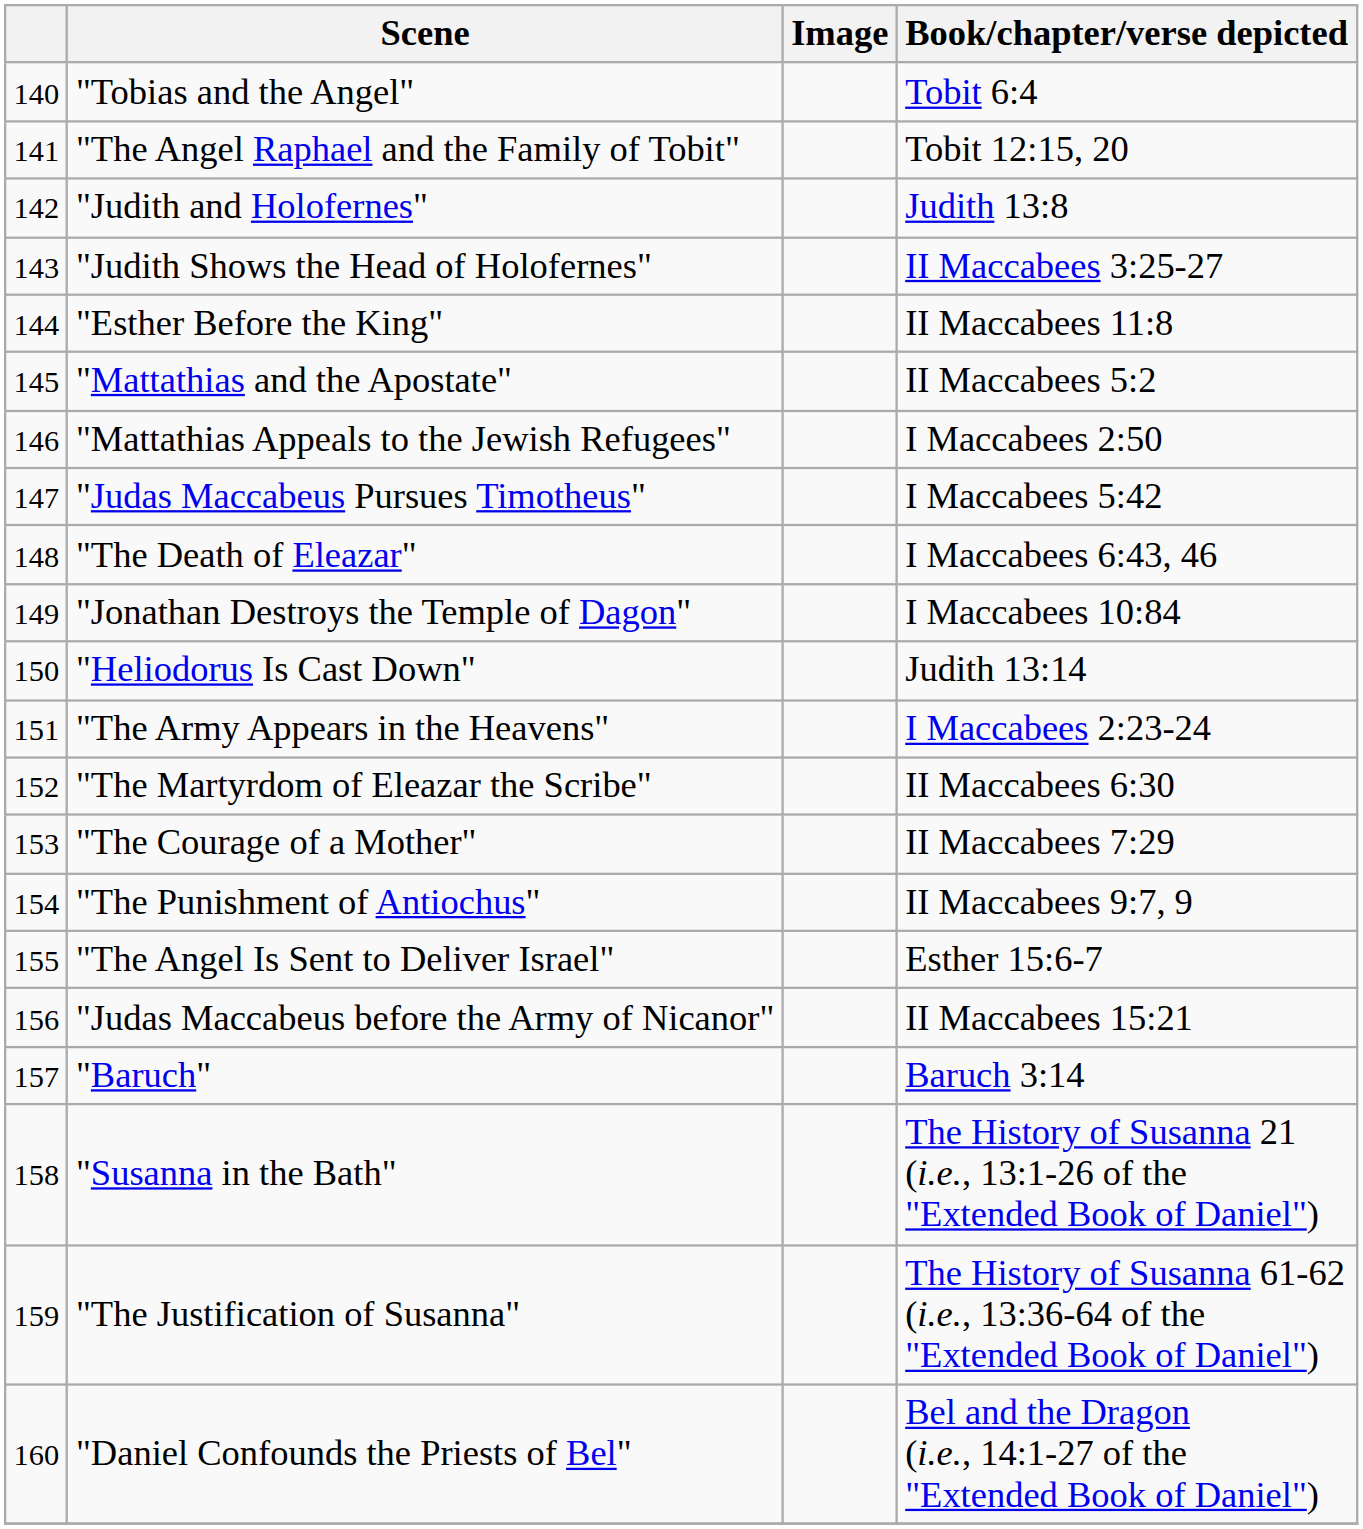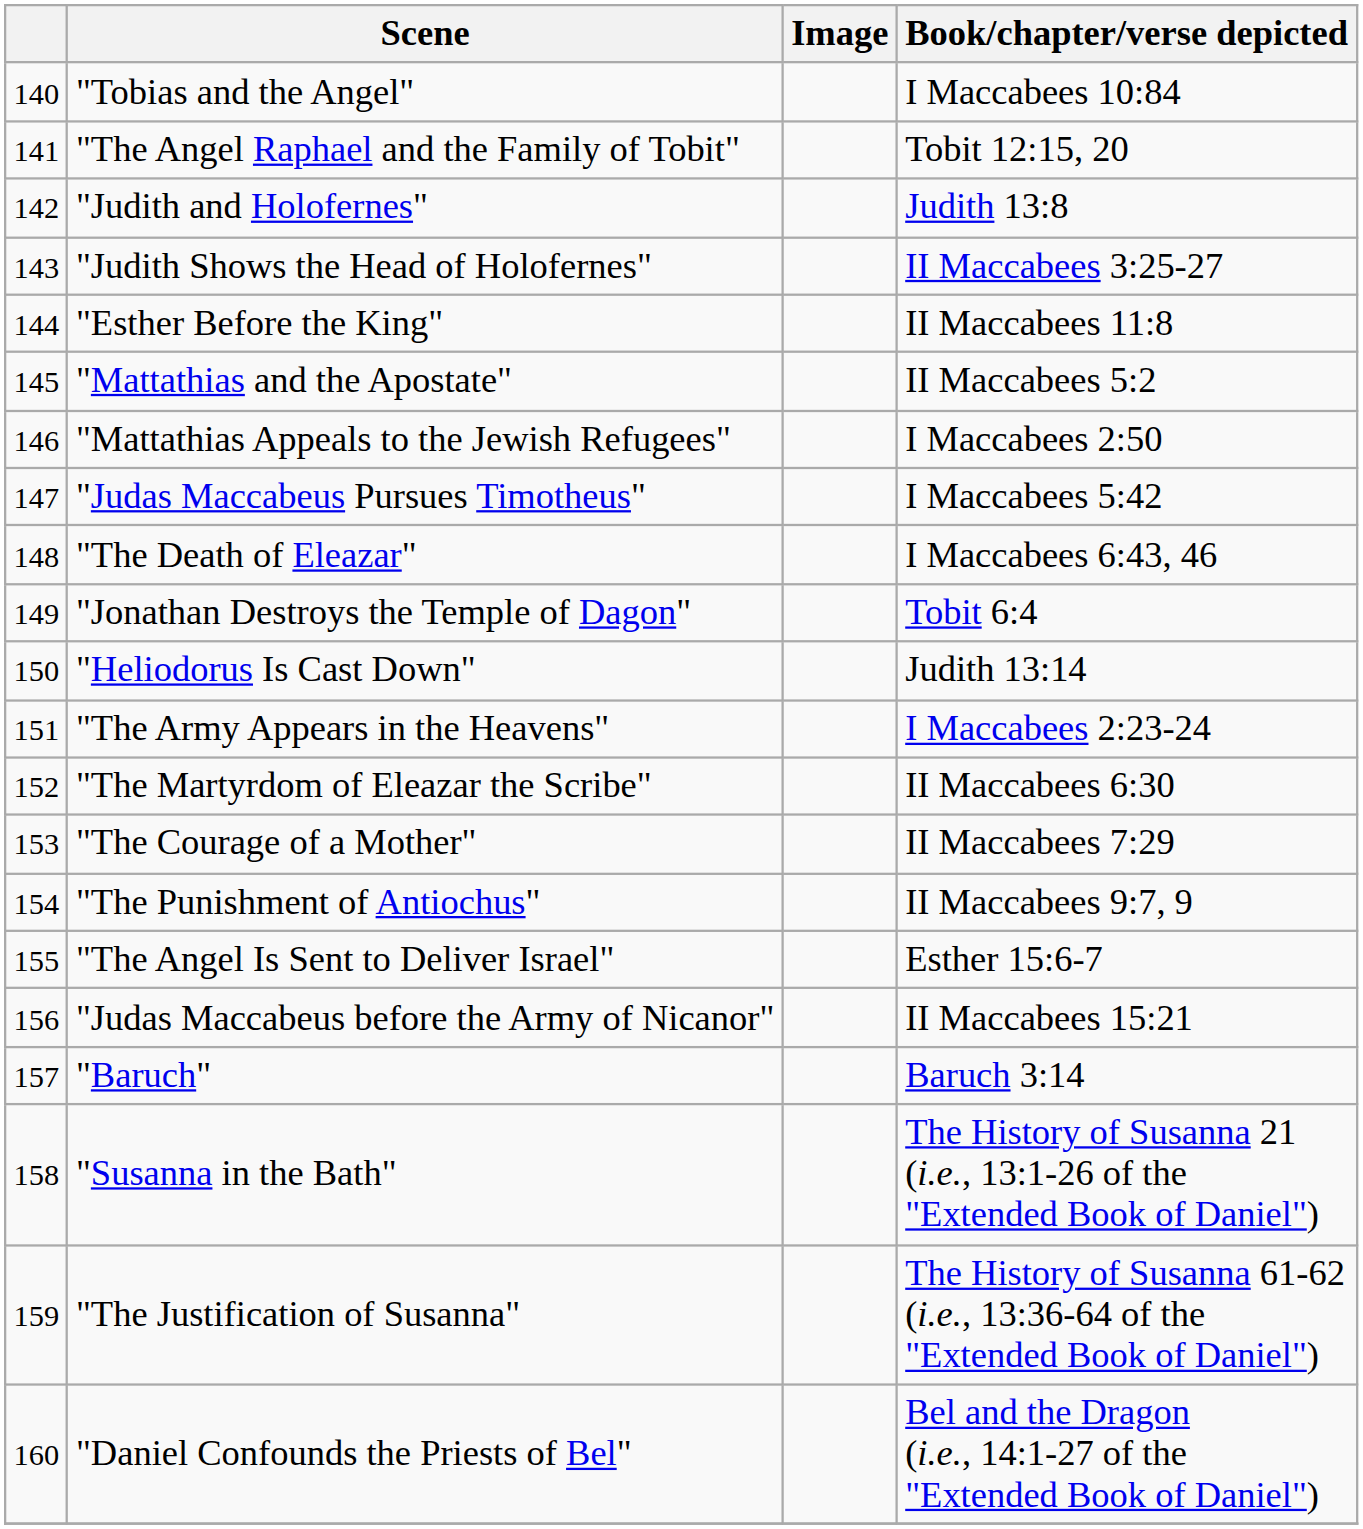 <table class="wikitable sortable" align="center">
 <tr>
 <th style="background-color:"></th>
 <th style="background-color:">Scene</th>
 <th style="background-color:">Image</th>
 <th style="background-color:">Book/chapter/verse depicted</th>
 </tr>
 <tr>
 <td><small>140</small></td>
 <td>"Tobias and the Angel"</td>
 <td></td>
-<td><a href='#'>Tobit</a> 6:4</td>
+<td>I Maccabees 10:84</td>
 </tr>
 <tr>
 <td><small>141</small></td>
 <td>"The Angel <a href='#'>Raphael</a> and the Family of Tobit"</td>
 <td></td>
 <td>Tobit 12:15, 20</td>
 </tr>
 <tr>
 <td><small>142</small></td>
 <td>"Judith and <a href='#'>Holofernes</a>"</td>
 <td></td>
 <td><a href='#'>Judith</a> 13:8</td>
 </tr>
 <tr>
 <td><small>143</small></td>
 <td>"Judith Shows the Head of Holofernes"</td>
 <td></td>
 <td><a href='#'>II Maccabees</a> 3:25-27</td>
 </tr>
 <tr>
 <td><small>144</small></td>
 <td>"Esther Before the King"</td>
 <td></td>
 <td>II Maccabees 11:8</td>
 </tr>
 <tr>
 <td><small>145</small></td>
 <td>"<a href='#'>Mattathias</a> and the Apostate"</td>
 <td></td>
 <td>II Maccabees 5:2</td>
 </tr>
 <tr>
 <td><small>146</small></td>
 <td>"Mattathias Appeals to the Jewish Refugees"</td>
 <td></td>
 <td>I Maccabees 2:50</td>
 </tr>
 <tr>
 <td><small>147</small></td>
 <td>"<a href='#'>Judas Maccabeus</a> Pursues <a href='#'>Timotheus</a>"</td>
 <td></td>
 <td>I Maccabees 5:42</td>
 </tr>
 <tr>
 <td><small>148</small></td>
 <td>"The Death of <a href='#'>Eleazar</a>"</td>
 <td></td>
 <td>I Maccabees 6:43, 46</td>
 </tr>
 <tr>
 <td><small>149</small></td>
 <td>"Jonathan Destroys the Temple of <a href='#'>Dagon</a>"</td>
 <td></td>
-<td>I Maccabees 10:84</td>
+<td><a href='#'>Tobit</a> 6:4</td>
 </tr>
 <tr>
 <td><small>150</small></td>
 <td>"<a href='#'>Heliodorus</a> Is Cast Down"</td>
 <td></td>
 <td>Judith 13:14</td>
 </tr>
 <tr>
 <td><small>151</small></td>
 <td>"The Army Appears in the Heavens"</td>
 <td></td>
 <td><a href='#'>I Maccabees</a> 2:23-24</td>
 </tr>
 <tr>
 <td><small>152</small></td>
 <td>"The Martyrdom of Eleazar the Scribe"</td>
 <td></td>
 <td>II Maccabees 6:30</td>
 </tr>
 <tr>
 <td><small>153</small></td>
 <td>"The Courage of a Mother"</td>
 <td></td>
 <td>II Maccabees 7:29</td>
 </tr>
 <tr>
 <td><small>154</small></td>
 <td>"The Punishment of <a href='#'>Antiochus</a>"</td>
 <td></td>
 <td>II Maccabees 9:7, 9</td>
 </tr>
 <tr>
 <td><small>155</small></td>
 <td>"The Angel Is Sent to Deliver Israel"</td>
 <td></td>
 <td>Esther 15:6-7</td>
 </tr>
 <tr>
 <td><small>156</small></td>
 <td>"Judas Maccabeus before the Army of Nicanor"</td>
 <td></td>
 <td>II Maccabees 15:21</td>
 </tr>
 <tr>
 <td><small>157</small></td>
 <td>"<a href='#'>Baruch</a>"</td>
 <td></td>
 <td><a href='#'>Baruch</a> 3:14</td>
 </tr>
 <tr>
 <td><small>158</small></td>
 <td>"<a href='#'>Susanna</a> in the Bath"</td>
 <td></td>
 <td><a href='#'>The History of Susanna</a> 21<br>(<em>i.e.</em>, 13:1-26 of the<br><a href='#'>"Extended Book of Daniel"</a>)</td>
 </tr>
 <tr>
 <td><small>159</small></td>
 <td>"The Justification of Susanna"</td>
 <td></td>
 <td><a href='#'>The History of Susanna</a> 61-62<br>(<em>i.e.</em>, 13:36-64 of the<br><a href='#'>"Extended Book of Daniel"</a>)</td>
 </tr>
 <tr>
 <td><small>160</small></td>
 <td>"Daniel Confounds the Priests of <a href='#'>Bel</a>"</td>
 <td></td>
 <td><a href='#'>Bel and the Dragon</a><br>(<em>i.e.</em>, 14:1-27 of the<br><a href='#'>"Extended Book of Daniel"</a>)</td>
 </tr>
 <tr>
 </tr>
 </table>
